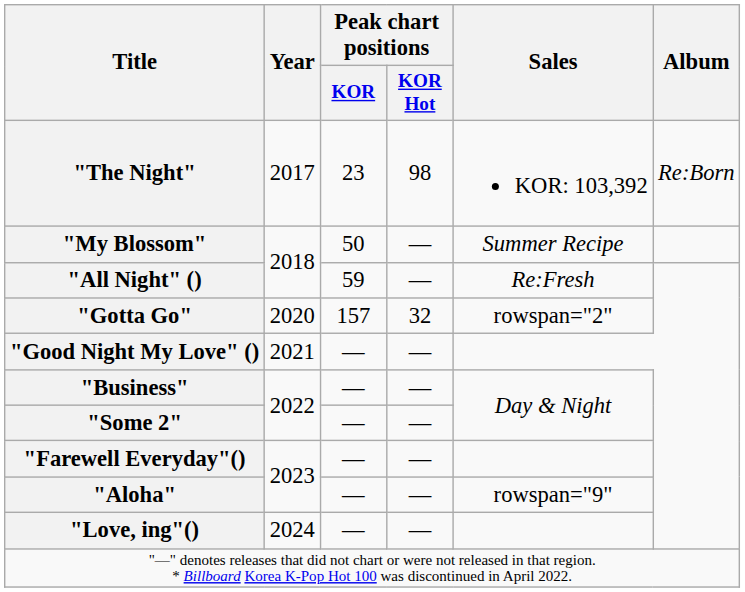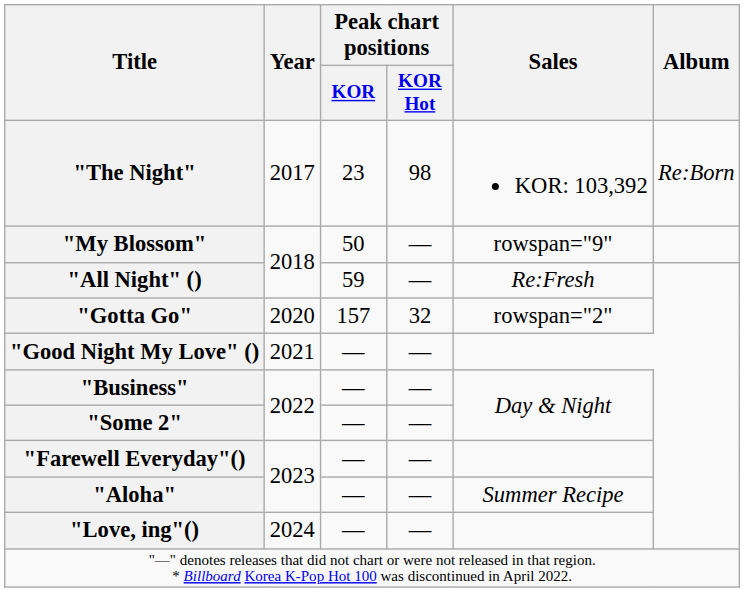 <table class="wikitable plainrowheaders" style="text-align:center">
 <tr>
 <th rowspan="2">Title</th>
 <th rowspan="2">Year</th>
 <th colspan="2">Peak chart positions</th>
 <th rowspan="2">Sales</th>
 <th rowspan="2">Album</th>
 </tr>
 <tr>
 <th scope="col" style="width:3em;font-size:85%"><a href='#'>KOR</a><br></th>
 <th style="width:3em;font-size:85%"><a href='#'>KOR<br>Hot</a><br></th>
 </tr>
 <tr>
 <th scope="row">"The Night"<br></th>
 <td>2017</td>
 <td>23</td>
 <td>98</td>
 <td><br><ul><li>KOR: 103,392</li></ul></td>
 <td><em>Re:Born</em></td>
 </tr>
 <tr>
 <th scope="row">"My Blossom"</th>
 <td rowspan="2">2018</td>
 <td>50</td>
 <td>—</td>
-<td><em>Summer Recipe</em></td>
+<td>rowspan="9" </td>
 <td></td>
 </tr>
 <tr>
 <th scope="row">"All Night" ()<br></th>
 <td>59</td>
 <td>—</td>
 <td><em>Re:Fresh</em></td>
 </tr>
 <tr>
 <th scope="row">"Gotta Go"</th>
 <td>2020</td>
 <td>157</td>
 <td>32</td>
 <td>rowspan="2" </td>
 </tr>
 <tr>
 <th scope="row">"Good Night My Love" ()</th>
 <td>2021</td>
 <td>—</td>
 <td>—</td>
 </tr>
 <tr>
 <th scope="row">"Business"<br></th>
 <td rowspan="2">2022</td>
 <td>—</td>
 <td>—</td>
 <td rowspan="2"><em>Day & Night</em></td>
 </tr>
 <tr>
 <th scope="row">"Some 2"<br></th>
 <td>—</td>
 <td>—</td>
 </tr>
 <tr>
 <th scope="row">"Farewell Everyday"()</th>
 <td rowspan="2">2023</td>
 <td>—</td>
 <td>—</td>
 <td></td>
 </tr>
 <tr>
 <th scope="row">"Aloha"<br></th>
 <td>—</td>
 <td>—</td>
-<td>rowspan="9" </td>
+<td><em>Summer Recipe</em></td>
 </tr>
 <tr>
 <th scope="row">"Love, ing"()</th>
 <td>2024</td>
 <td>—</td>
 <td>—</td>
 <td><em></em></td>
 </tr>
 <tr>
 <td colspan="6" style="font-size:8pt">"—" denotes releases that did not chart or were not released in that region.<br>* <em><a href='#'>Billboard</a></em> <a href='#'>Korea K-Pop Hot 100</a> was discontinued in April 2022.</td>
 </tr>
 </table>
